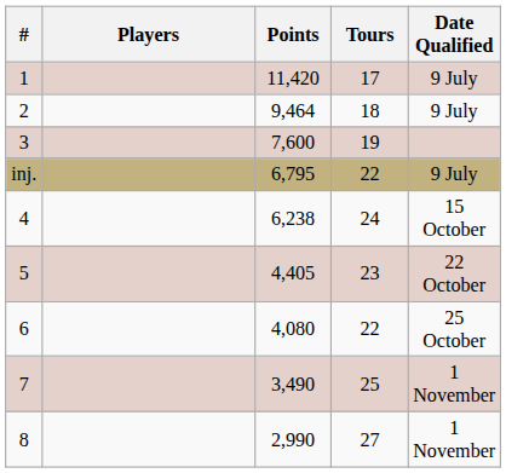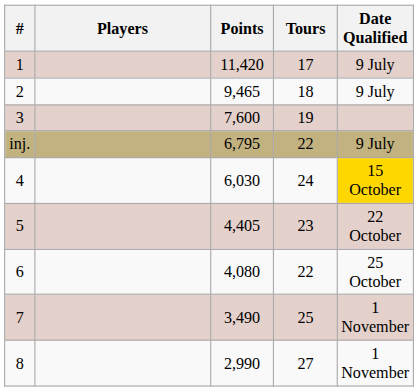 <table class="sortable wikitable" style="float:right;margin-left:1em;text-align:center;font-size:90%;text:justify;">
 <tr>
 <th width=20>#</th>
 <th width=150>Players</th>
 <th width=50>Points</th>
 <th width=50>Tours</th>
 <th width=60>Date Qualified</th>
 </tr>
 <tr align=center bgcolor=#e5d1cb>
 <td>1</td>
 <td align=left></td>
 <td>11,420</td>
 <td>17</td>
 <td>9 July</td>
 </tr>
 <tr align=center>
 <td>2</td>
 <td align=left></td>
-<td>9,464</td>
+<td>9,465</td>
 <td>18</td>
 <td>9 July</td>
 </tr>
 <tr align=center bgcolor=#e5d1cb>
 <td>3</td>
 <td align=left></td>
 <td>7,600</td>
 <td>19</td>
 <td></td>
 </tr>
 <tr bgcolor=#C2B280>
 <td>inj.</td>
 <td align=left></td>
 <td>6,795</td>
 <td>22</td>
 <td>9 July</td>
 </tr>
 <tr align=center>
 <td>4</td>
 <td align=left></td>
-<td>6,238</td>
+<td>6,030</td>
 <td>24</td>
-<td>15 October</td>
+<td style="background: gold;">15 October</td>
 </tr>
 <tr align=center bgcolor=#e5d1cb>
 <td>5</td>
 <td align=left></td>
 <td>4,405</td>
 <td>23</td>
 <td>22 October</td>
 </tr>
 <tr align=center>
 <td>6</td>
 <td align=left></td>
 <td>4,080</td>
 <td>22</td>
 <td>25 October</td>
 </tr>
 <tr align=center bgcolor=#e5d1cb>
 <td>7</td>
 <td align=left></td>
 <td>3,490</td>
 <td>25</td>
 <td>1 November</td>
 </tr>
 <tr align=center>
 <td>8</td>
 <td align=left></td>
 <td>2,990</td>
 <td>27</td>
 <td>1 November</td>
 </tr>
 </table>
